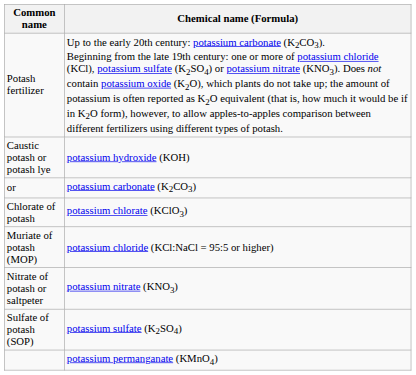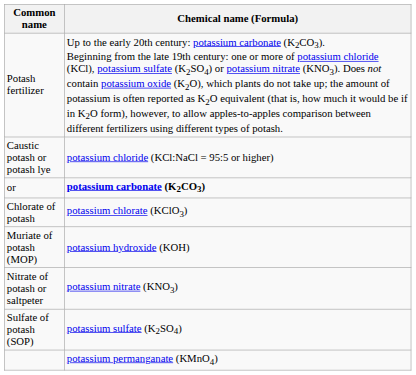 <table class="wikitable">
 <tr>
 <th>Common name</th>
 <th>Chemical name (Formula)</th>
 </tr>
 <tr>
 <td>Potash fertilizer</td>
 <td colspan="2">Up to the early 20th century: <a href='#'>potassium carbonate</a> (K<sub>2</sub>CO<sub>3</sub>).<br>Beginning from the late 19th century: one or more of <a href='#'>potassium chloride</a> (KCl), <a href='#'>potassium sulfate</a> (K<sub>2</sub>SO<sub>4</sub>) or <a href='#'>potassium nitrate</a> (KNO<sub>3</sub>). Does <em>not</em> contain <a href='#'>potassium oxide</a> (K<sub>2</sub>O), which plants do not take up; the amount of potassium is often reported as K<sub>2</sub>O equivalent (that is, how much it would be if in K<sub>2</sub>O form), however, to allow apples-to-apples comparison between different fertilizers using different types of potash.</td>
 </tr>
 <tr>
 <td>Caustic potash or potash lye</td>
-<td><a href='#'>potassium hydroxide</a> (KOH)</td>
+<td><a href='#'>potassium chloride</a> (KCl:NaCl = 95:5 or higher)</td>
 </tr>
 <tr>
 <td>  or </td>
-<td><a href='#'>potassium carbonate</a> (K<sub>2</sub>CO<sub>3</sub>)</td>
+<td><strong><a href='#'>potassium carbonate</a> (K<sub>2</sub>CO<sub>3</sub>)</strong></td>
 </tr>
 <tr>
 <td>Chlorate of potash</td>
 <td><a href='#'>potassium chlorate</a> (KClO<sub>3</sub>)</td>
 </tr>
 <tr>
 <td>Muriate of potash (MOP)</td>
-<td><a href='#'>potassium chloride</a> (KCl:NaCl = 95:5 or higher)</td>
+<td><a href='#'>potassium hydroxide</a> (KOH)</td>
 </tr>
 <tr>
 <td>Nitrate of potash or saltpeter</td>
 <td><a href='#'>potassium nitrate</a> (KNO<sub>3</sub>)</td>
 </tr>
 <tr>
 <td>Sulfate of potash (SOP)</td>
 <td><a href='#'>potassium sulfate</a> (K<sub>2</sub>SO<sub>4</sub>)</td>
 </tr>
 <tr>
 <td></td>
 <td><a href='#'>potassium permanganate</a> (KMnO<sub>4</sub>)</td>
 </tr>
 </table>
